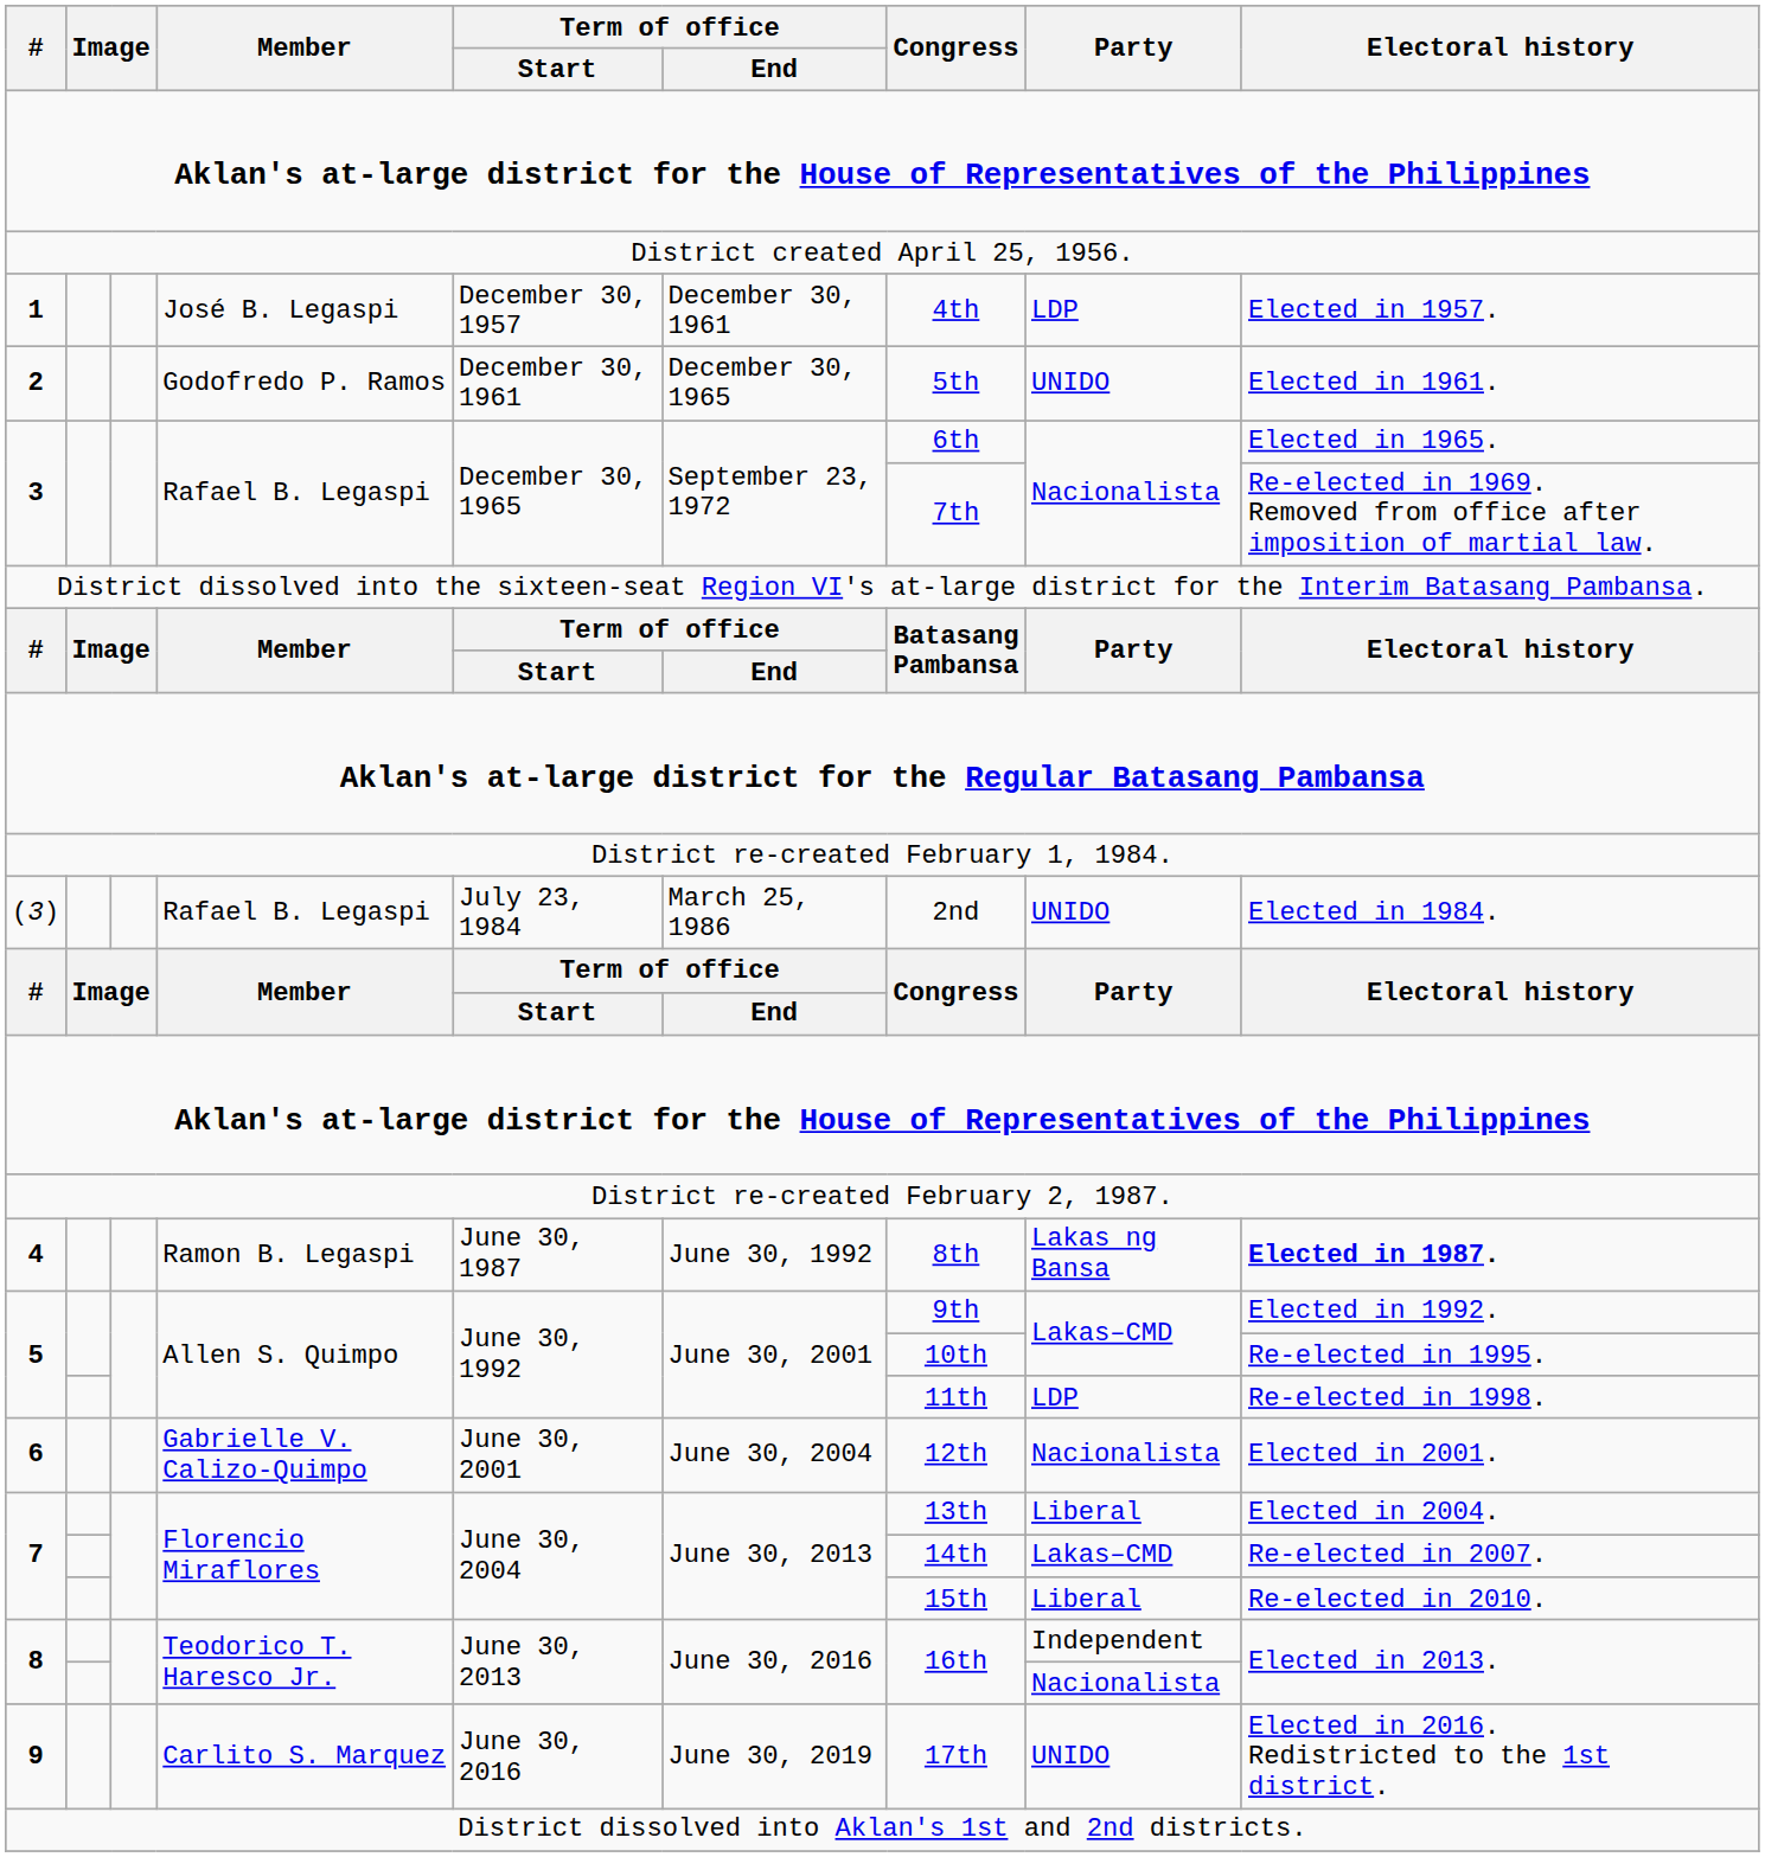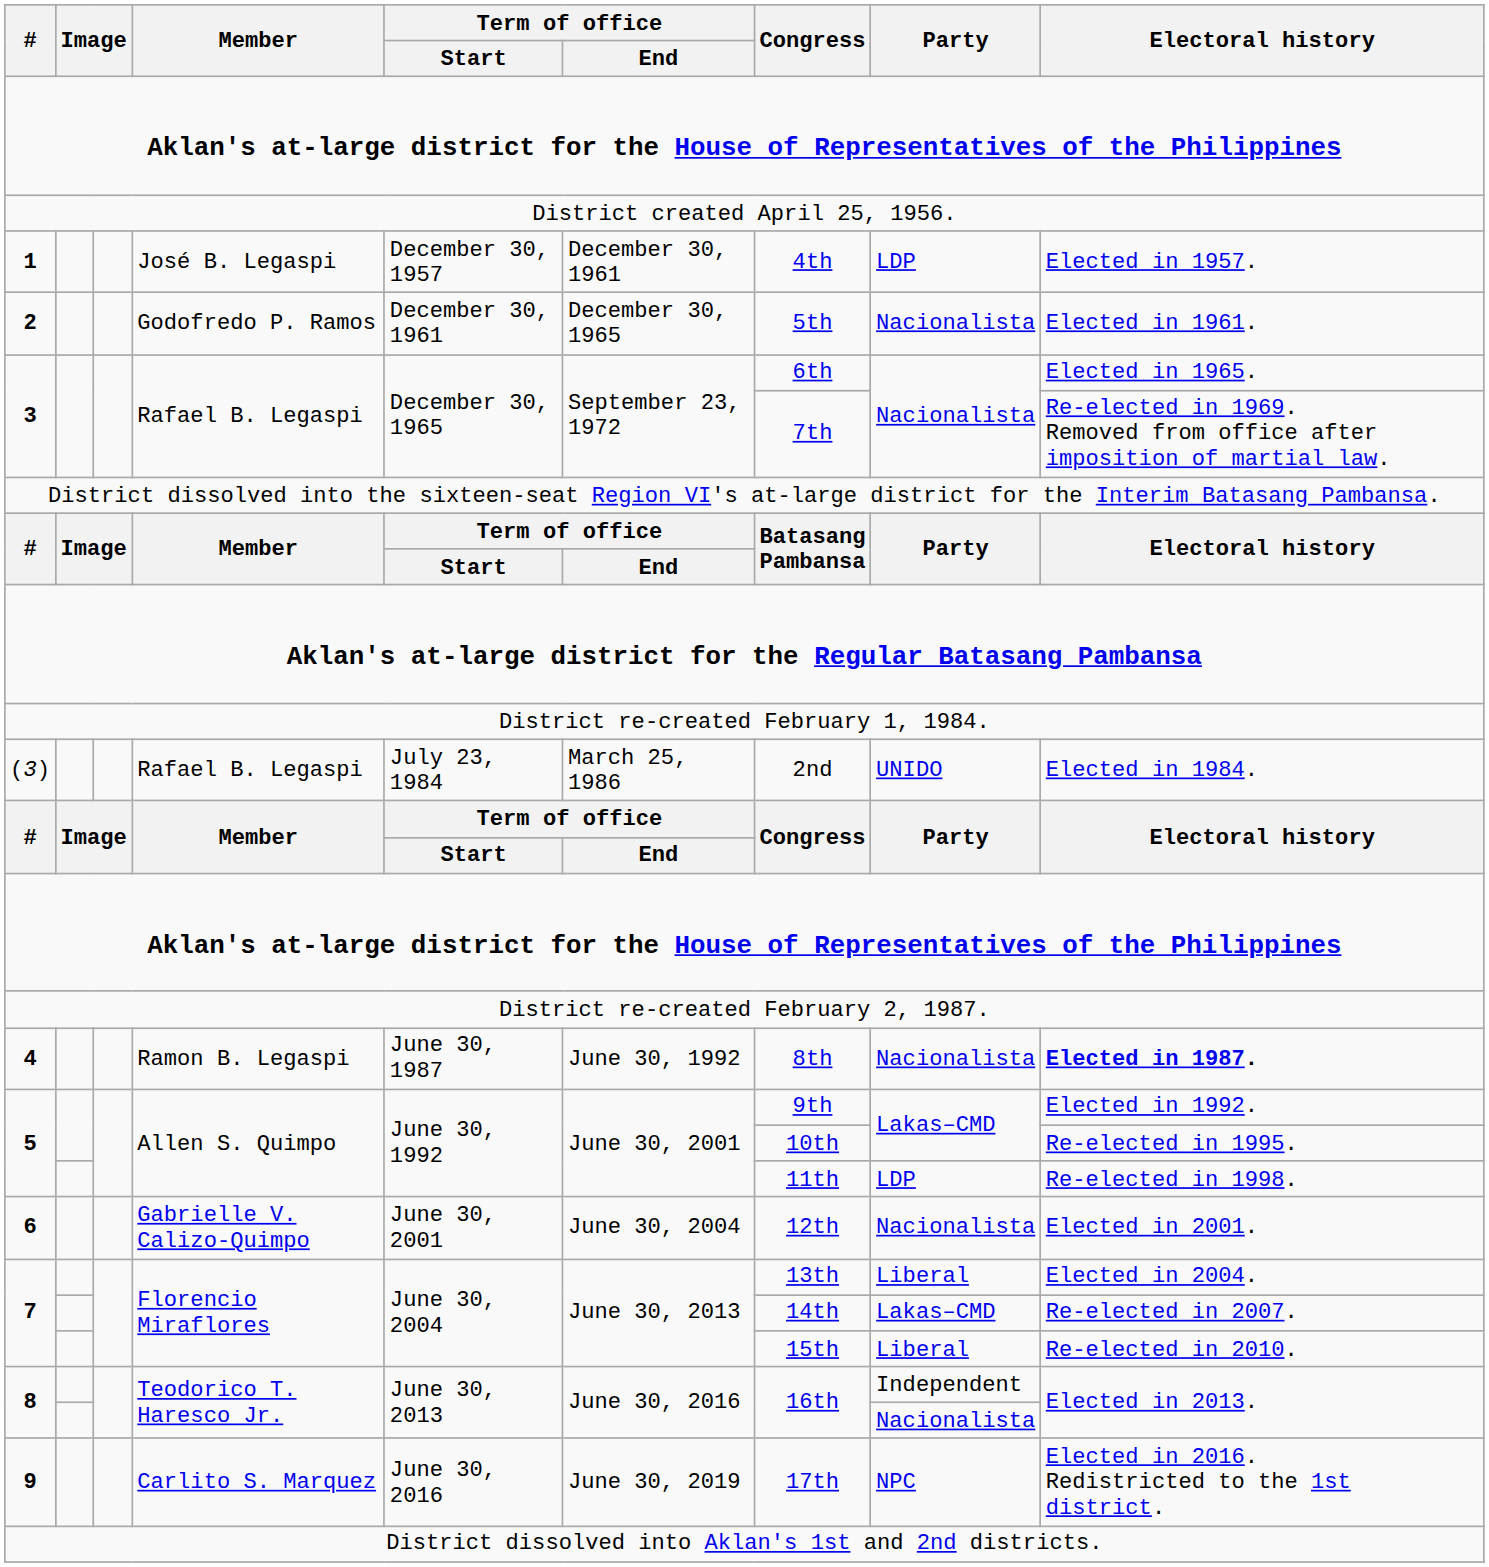 <table class=wikitable>
 <tr>
 <th rowspan="2">#</th>
 <th rowspan="2" colspan=2>Image</th>
 <th rowspan="2">Member</th>
 <th colspan=2>Term of office</th>
 <th rowspan="2">Congress</th>
 <th rowspan="2">Party</th>
 <th rowspan="2">Electoral history</th>
 </tr>
 <tr>
 <th>Start</th>
 <th>End</th>
 </tr>
 <tr>
 <td colspan="9" style="text-align:center;"><br><h3>Aklan's at-large district for the <a href='#'>House of Representatives of the Philippines</a></h3></td>
 </tr>
 <tr>
 <td colspan="9" style="text-align:center;">District created April 25, 1956.</td>
 </tr>
 <tr>
 <td style="text-align:center;"><strong>1</strong></td>
 <td style="color:inherit;background:"></td>
 <td></td>
 <td>José B. Legaspi</td>
 <td>December 30, 1957</td>
 <td>December 30, 1961</td>
 <td style="text-align:center;"><a href='#'>4th</a></td>
 <td><a href='#'>LDP</a></td>
 <td><a href='#'>Elected in 1957</a>.</td>
 </tr>
 <tr>
 <td style="text-align:center;"><strong>2</strong></td>
 <td style="color:inherit;background:"></td>
 <td></td>
 <td>Godofredo P. Ramos</td>
 <td>December 30, 1961</td>
 <td>December 30, 1965</td>
 <td style="text-align:center;"><a href='#'>5th</a></td>
-<td><a href='#'>UNIDO</a></td>
+<td><a href='#'>Nacionalista</a></td>
 <td><a href='#'>Elected in 1961</a>.</td>
 </tr>
 <tr>
 <td rowspan="2" style="text-align:center;"><strong>3</strong></td>
 <td rowspan="2" style="color:inherit;background:"></td>
 <td rowspan="2"></td>
 <td rowspan="2">Rafael B. Legaspi</td>
 <td rowspan="2">December 30, 1965</td>
 <td rowspan="2">September 23, 1972</td>
 <td style="text-align:center;"><a href='#'>6th</a></td>
 <td rowspan="2"><a href='#'>Nacionalista</a></td>
 <td><a href='#'>Elected in 1965</a>.</td>
 </tr>
 <tr>
 <td style="text-align:center;"><a href='#'>7th</a></td>
 <td><a href='#'>Re-elected in 1969</a>.<br>Removed from office after <a href='#'>imposition of martial law</a>.</td>
 </tr>
 <tr>
 <td colspan="9" style="text-align:center;">District dissolved into the sixteen-seat <a href='#'>Region VI</a>'s at-large district for the <a href='#'>Interim Batasang Pambansa</a>.</td>
 </tr>
 <tr>
 <th rowspan="2">#</th>
 <th rowspan="2" colspan=2>Image</th>
 <th rowspan="2">Member</th>
 <th colspan=2>Term of office</th>
 <th rowspan="2">Batasang<br>Pambansa</th>
 <th rowspan="2">Party</th>
 <th rowspan="2">Electoral history</th>
 </tr>
 <tr>
 <th>Start</th>
 <th>End</th>
 </tr>
 <tr>
 <td colspan="9" style="text-align:center;"><br><h3>Aklan's at-large district for the <a href='#'>Regular Batasang Pambansa</a></h3></td>
 </tr>
 <tr>
 <td colspan="9" style="text-align:center;">District re-created February 1, 1984.</td>
 </tr>
 <tr>
 <td style="text-align:center;">(<em>3</em>)</td>
 <td style="color:inherit;background:"></td>
 <td></td>
 <td>Rafael B. Legaspi</td>
 <td>July 23, 1984</td>
 <td>March 25, 1986</td>
 <td style="text-align:center;">2nd</td>
 <td><a href='#'>UNIDO</a></td>
 <td><a href='#'>Elected in 1984</a>.</td>
 </tr>
 <tr>
 <th rowspan="2">#</th>
 <th rowspan="2" colspan=2>Image</th>
 <th rowspan="2">Member</th>
 <th colspan=2>Term of office</th>
 <th rowspan="2">Congress</th>
 <th rowspan="2">Party</th>
 <th rowspan="2">Electoral history</th>
 </tr>
 <tr>
 <th>Start</th>
 <th>End</th>
 </tr>
 <tr>
 <td colspan="9" style="text-align:center;"><br><h3>Aklan's at-large district for the <a href='#'>House of Representatives of the Philippines</a></h3></td>
 </tr>
 <tr>
 <td colspan="9" style="text-align:center;">District re-created February 2, 1987.</td>
 </tr>
 <tr>
 <td style="text-align:center;"><strong>4</strong></td>
 <td style="color:inherit;background:"></td>
 <td></td>
 <td>Ramon B. Legaspi</td>
 <td>June 30, 1987</td>
 <td>June 30, 1992</td>
 <td style="text-align:center;"><a href='#'>8th</a></td>
-<td><a href='#'>Lakas ng Bansa</a></td>
+<td><a href='#'>Nacionalista</a></td>
 <td><strong><a href='#'>Elected in 1987</a>.</strong></td>
 </tr>
 <tr>
 <td rowspan="3" style="text-align:center;"><strong>5</strong></td>
 <td rowspan="2" style="color:inherit;background:"></td>
 <td rowspan="3"></td>
 <td rowspan="3">Allen S. Quimpo</td>
 <td rowspan="3">June 30, 1992</td>
 <td rowspan="3">June 30, 2001</td>
 <td style="text-align:center;"><a href='#'>9th</a></td>
 <td rowspan="2"><a href='#'>Lakas–CMD</a></td>
 <td><a href='#'>Elected in 1992</a>.</td>
 </tr>
 <tr>
 <td style="text-align:center;"><a href='#'>10th</a></td>
 <td><a href='#'>Re-elected in 1995</a>.</td>
 </tr>
 <tr>
 <td style="color:inherit;background:"></td>
 <td style="text-align:center;"><a href='#'>11th</a></td>
 <td><a href='#'>LDP</a></td>
 <td><a href='#'>Re-elected in 1998</a>.</td>
 </tr>
 <tr>
 <td style="text-align:center;"><strong>6</strong></td>
 <td style="color:inherit;background:"></td>
 <td></td>
 <td><a href='#'>Gabrielle V. Calizo-Quimpo</a></td>
 <td>June 30, 2001</td>
 <td>June 30, 2004</td>
 <td style="text-align:center;"><a href='#'>12th</a></td>
 <td><a href='#'>Nacionalista</a></td>
 <td><a href='#'>Elected in 2001</a>.</td>
 </tr>
 <tr>
 <td rowspan="3" style="text-align:center;"><strong>7</strong></td>
 <td style="color:inherit;background:"></td>
 <td rowspan="3"></td>
 <td rowspan="3"><a href='#'>Florencio Miraflores</a></td>
 <td rowspan="3">June 30, 2004</td>
 <td rowspan="3">June 30, 2013</td>
 <td style="text-align:center;"><a href='#'>13th</a></td>
 <td><a href='#'>Liberal</a></td>
 <td><a href='#'>Elected in 2004</a>.</td>
 </tr>
 <tr>
 <td style="color:inherit;background:"></td>
 <td style="text-align:center;"><a href='#'>14th</a></td>
 <td><a href='#'>Lakas–CMD</a></td>
 <td><a href='#'>Re-elected in 2007</a>.</td>
 </tr>
 <tr>
 <td style="color:inherit;background:"></td>
 <td style="text-align:center;"><a href='#'>15th</a></td>
 <td><a href='#'>Liberal</a></td>
 <td><a href='#'>Re-elected in 2010</a>.</td>
 </tr>
 <tr>
 <td style="text-align:center;" rowspan=2><strong>8</strong></td>
 <td style="color:inherit;background:"></td>
 <td rowspan=2></td>
 <td rowspan=2><a href='#'>Teodorico T. Haresco Jr.</a></td>
 <td rowspan=2>June 30, 2013</td>
 <td rowspan=2>June 30, 2016</td>
 <td style="text-align:center;" rowspan=2><a href='#'>16th</a></td>
 <td>Independent</td>
 <td rowspan=2><a href='#'>Elected in 2013</a>.</td>
 </tr>
 <tr>
 <td style="color:inherit;background:"></td>
 <td><a href='#'>Nacionalista</a></td>
 </tr>
 <tr>
 <td style="text-align:center;"><strong>9</strong></td>
 <td style="color:inherit;background:"></td>
 <td></td>
 <td><a href='#'>Carlito S. Marquez</a></td>
 <td>June 30, 2016</td>
 <td>June 30, 2019</td>
 <td style="text-align:center;"><a href='#'>17th</a></td>
-<td><a href='#'>UNIDO</a></td>
+<td><a href='#'>NPC</a></td>
 <td><a href='#'>Elected in 2016</a>.<br>Redistricted to the <a href='#'>1st district</a>.</td>
 </tr>
 <tr>
 <td colspan="9" style="text-align:center;">District dissolved into <a href='#'>Aklan's 1st</a> and <a href='#'>2nd</a> districts.</td>
 </tr>
 </table>
